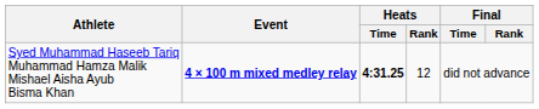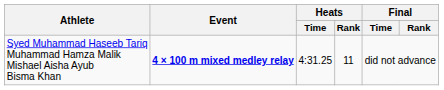 <table class=wikitable style=font-size:90%;text-align:center>
 <tr>
 <th rowspan="2">Athlete</th>
 <th rowspan="2">Event</th>
 <th colspan="2">Heats</th>
 <th colspan="2">Final</th>
 </tr>
 <tr style="font-size:95%">
 <th>Time</th>
 <th>Rank</th>
 <th>Time</th>
 <th>Rank</th>
 </tr>
 <tr>
 <td align=left><a href='#'>Syed Muhammad Haseeb Tariq</a><br>Muhammad Hamza Malik<br>Mishael Aisha Ayub<br>Bisma Khan</td>
 <td align=left><strong><a href='#'>4 × 100 m mixed medley relay</a></strong></td>
-<td><strong>4:31.25</strong></td>
-<td>12</td>
+<td>4:31.25</td>
+<td>11</td>
 <td colspan=2>did not advance</td>
 </tr>
 </table>
